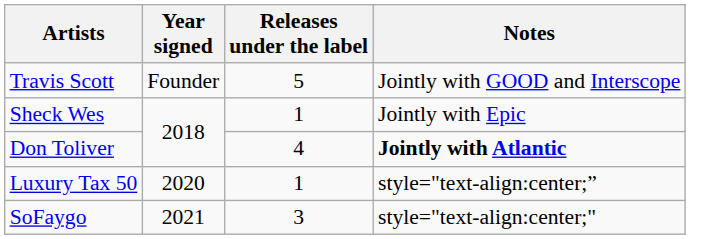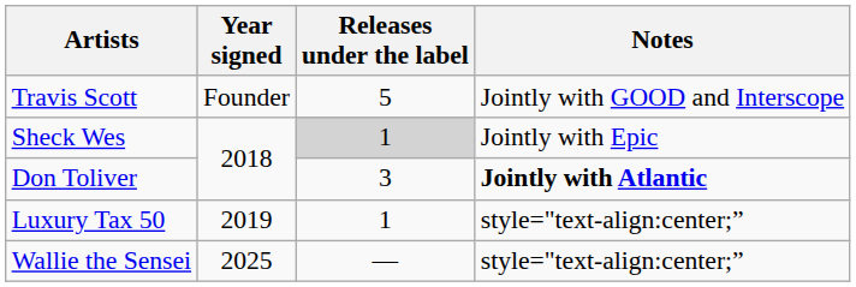 <table class="wikitable sortable">
 <tr>
 <th>Artists</th>
 <th>Year<br>signed</th>
 <th>Releases<br>under the label</th>
 <th class="unsortable">Notes</th>
 </tr>
 <tr>
 <td><a href='#'>Travis Scott</a></td>
 <td style="text-align:center;">Founder</td>
 <td style="text-align:center;">5</td>
 <td>Jointly with <a href='#'>GOOD</a> and <a href='#'>Interscope</a></td>
 </tr>
 <tr>
 <td><a href='#'>Sheck Wes</a></td>
 <td rowspan="2" style="text-align:center;">2018</td>
-<td style="text-align:center;">1</td>
+<td style="background: lightgrey; text-align:center;">1</td>
 <td>Jointly with <a href='#'>Epic</a></td>
 </tr>
 <tr>
 <td><a href='#'>Don Toliver</a></td>
-<td style="text-align:center;">4</td>
+<td style="text-align:center;">3</td>
 <td><strong>Jointly with <a href='#'>Atlantic</a></strong></td>
 </tr>
 <tr>
 <td><a href='#'>Luxury Tax 50</a></td>
-<td rowspan="1" style="text-align:center;">2020</td>
+<td rowspan="1" style="text-align:center;">2019</td>
 <td style="text-align:center;”">1</td>
 <td>style="text-align:center;” </td>
 </tr>
 <tr>
-<td><a href='#'>SoFaygo</a></td>
-<td style="text-align:center;">2021</td>
-<td style="text-align:center;”">3</td>
-<td>style="text-align:center;" </td>
+<td><a href='#'>Wallie the Sensei</a></td>
+<td style="text-align:center;”">2025</td>
+<td style="text-align:center;”">—</td>
+<td>style="text-align:center;” </td>
 </tr>
 </table>
